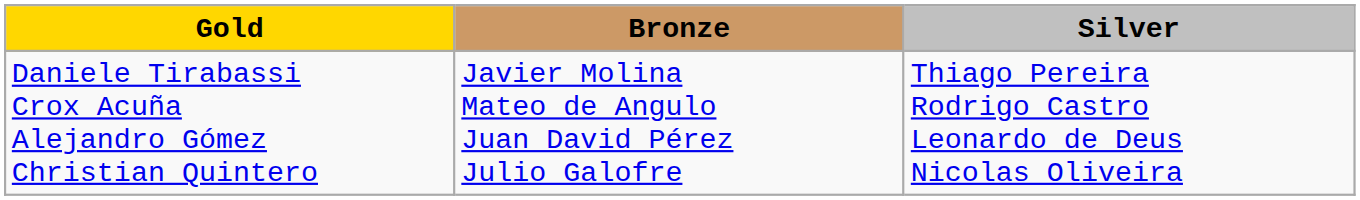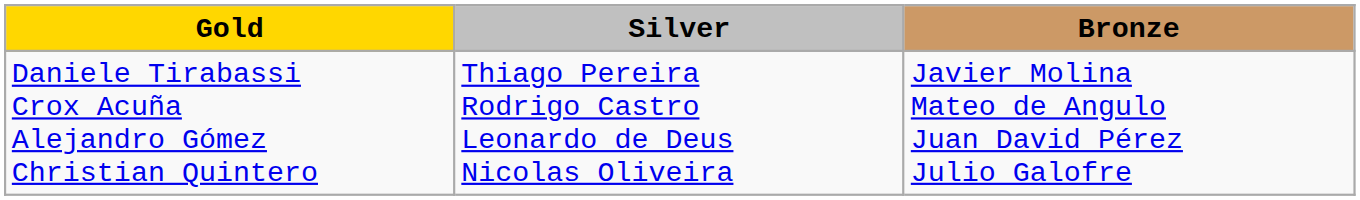 <table class="wikitable" style="text-align:left">
 <tr align="center">
 <td width=200 bgcolor=gold><strong>Gold</strong></td>
+<td width=200 bgcolor=silver><strong>Silver</strong></td>
 <td width=200 bgcolor=CC9966><strong>Bronze</strong></td>
-<td width=200 bgcolor=silver><strong>Silver</strong></td>
 </tr>
 <tr>
 <td><a href='#'>Daniele Tirabassi</a><br><a href='#'>Crox Acuña</a><br><a href='#'>Alejandro Gómez</a><br><a href='#'>Christian Quintero</a><br><em></em></td>
+<td><a href='#'>Thiago Pereira</a><br><a href='#'>Rodrigo Castro</a><br><a href='#'>Leonardo de Deus</a><br><a href='#'>Nicolas Oliveira</a><br><em></em></td>
 <td><a href='#'>Javier Molina</a><br><a href='#'>Mateo de Angulo</a><br><a href='#'>Juan David Pérez</a><br><a href='#'>Julio Galofre</a><br><em></em></td>
-<td><a href='#'>Thiago Pereira</a><br><a href='#'>Rodrigo Castro</a><br><a href='#'>Leonardo de Deus</a><br><a href='#'>Nicolas Oliveira</a><br><em></em></td>
 </tr>
 </table>
